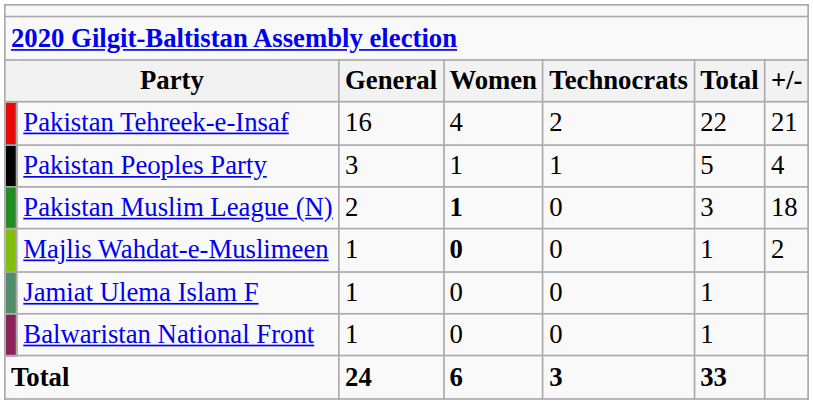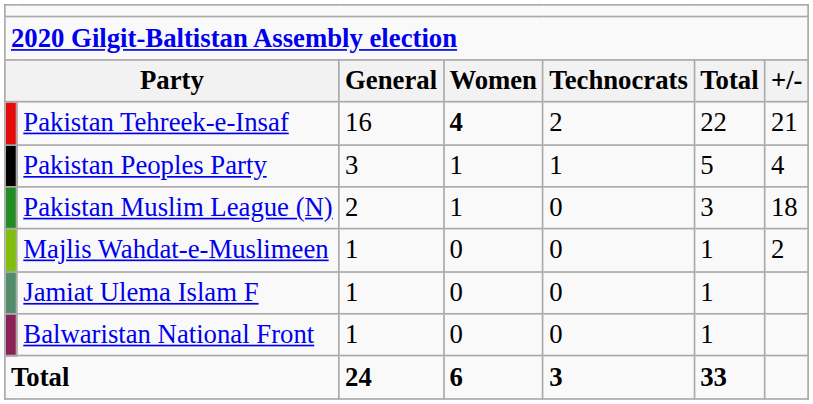 <table class="wikitable">
 <tr>
 <td colspan="7"></td>
 </tr>
 <tr>
 <td colspan="7"><strong><a href='#'>2020 Gilgit-Baltistan Assembly election</a></strong></td>
 </tr>
 <tr>
 <th colspan="2">Party</th>
 <th>General</th>
 <th>Women</th>
 <th>Technocrats</th>
 <th>Total</th>
 <th>+/-</th>
 </tr>
 <tr>
 <td style="color:inherit;background:#E70A0A"></td>
 <td><a href='#'>Pakistan Tehreek-e-Insaf</a></td>
 <td>16</td>
-<td>4</td>
+<td><strong>4</strong></td>
 <td>2</td>
 <td>22</td>
 <td>21</td>
 </tr>
 <tr>
 <td style="color:inherit;background:#000000"></td>
 <td><a href='#'>Pakistan Peoples Party</a></td>
 <td>3</td>
 <td>1</td>
 <td>1</td>
 <td>5</td>
 <td>4</td>
 </tr>
 <tr>
 <td style="color:inherit;background:#228b22"></td>
 <td><a href='#'>Pakistan Muslim League (N)</a></td>
 <td>2</td>
-<td><strong>1</strong></td>
+<td>1</td>
 <td>0</td>
 <td>3</td>
 <td>18</td>
 </tr>
 <tr>
 <td style="color:inherit;background:#80bf0b"></td>
 <td><a href='#'>Majlis Wahdat-e-Muslimeen</a></td>
 <td>1</td>
-<td><strong>0</strong></td>
+<td>0</td>
 <td>0</td>
 <td>1</td>
 <td>2</td>
 </tr>
 <tr>
 <td style="color:inherit;background:#528d6b"></td>
 <td><a href='#'>Jamiat Ulema Islam F</a></td>
 <td>1</td>
 <td>0</td>
 <td>0</td>
 <td>1</td>
 <td></td>
 </tr>
 <tr>
 <td style="color:inherit;background:#8b2257"></td>
 <td><a href='#'>Balwaristan National Front</a></td>
 <td>1</td>
 <td>0</td>
 <td>0</td>
 <td>1</td>
 <td></td>
 </tr>
 <tr>
 <td colspan="2"><strong>Total</strong></td>
 <td><strong>24</strong></td>
 <td><strong>6</strong></td>
 <td><strong>3</strong></td>
 <td><strong>33</strong></td>
 <td></td>
 </tr>
 </table>
